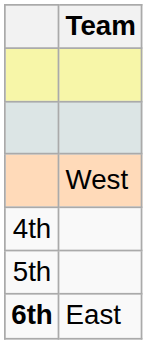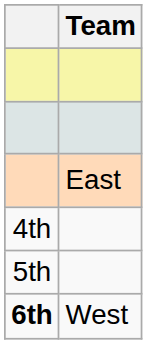 <table class="wikitable" style="text-align:center">
 <tr>
 <th width=15></th>
 <th>Team</th>
 </tr>
 <tr bgcolor="#F7F6A8">
 <td align="center" style="height:23px"></td>
 <td align=left></td>
 </tr>
 <tr bgcolor="#DCE5E5">
 <td align="center" style="height:23px"></td>
 <td align=left></td>
 </tr>
 <tr bgcolor="#FFDAB9">
 <td align="center" style="height:23px"></td>
-<td align=left> West</td>
+<td align=left> East</td>
 </tr>
 <tr>
 <td>4th</td>
 <td align=left></td>
 </tr>
 <tr>
 <td>5th</td>
 <td align=left></td>
 </tr>
 <tr>
 <td><strong>6th</strong></td>
-<td align=left> East</td>
+<td align=left> West</td>
 </tr>
 </table>
